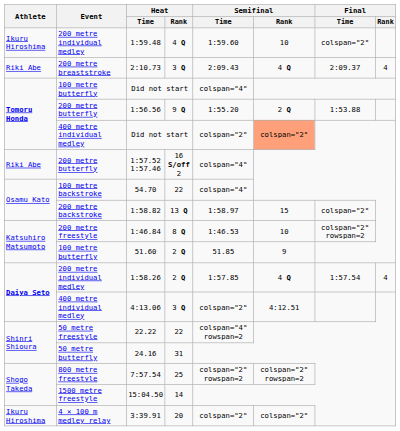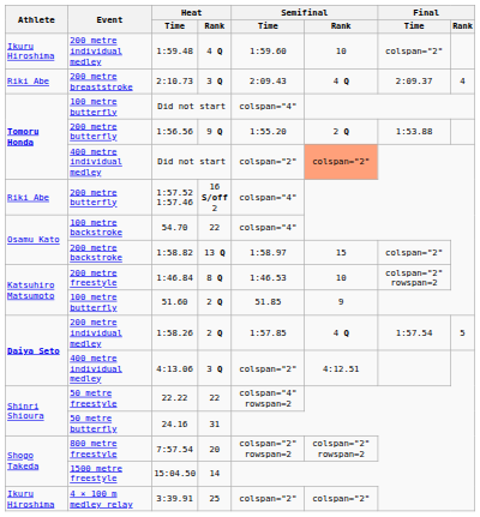 <table class="wikitable" style="text-align:center; font-size:90%; width:50%;">
 <tr>
 <th rowspan="2">Athlete</th>
 <th rowspan="2">Event</th>
 <th colspan="2">Heat</th>
 <th colspan="2">Semifinal</th>
 <th colspan="2">Final</th>
 </tr>
 <tr style="font-size:95%">
 <th>Time</th>
 <th>Rank</th>
 <th>Time</th>
 <th>Rank</th>
 <th>Time</th>
 <th>Rank</th>
 </tr>
 <tr align=center>
 <td align=left><a href='#'>Ikuru Hiroshima</a></td>
 <td align=left><a href='#'>200 metre individual medley</a></td>
 <td>1:59.48</td>
 <td>4 <strong>Q</strong></td>
 <td>1:59.60</td>
 <td>10</td>
 <td>colspan="2" </td>
 </tr>
 <tr align=center>
 <td align=left><a href='#'>Riki Abe</a></td>
 <td align=left><a href='#'>200 metre breaststroke</a></td>
 <td>2:10.73</td>
 <td>3 <strong>Q</strong></td>
 <td>2:09.43</td>
 <td>4 <strong>Q</strong></td>
 <td>2:09.37</td>
 <td>4</td>
 </tr>
 <tr align=center>
 <td align=left rowspan="3"><strong><a href='#'>Tomoru Honda</a></strong></td>
 <td align=left><a href='#'>100 metre butterfly</a></td>
 <td colspan="2">Did not start</td>
 <td>colspan="4" </td>
 </tr>
 <tr align=center>
 <td align=left><a href='#'>200 metre butterfly</a></td>
 <td>1:56.56</td>
 <td>9 <strong>Q</strong></td>
 <td>1:55.20</td>
 <td>2 <strong>Q</strong></td>
 <td>1:53.88</td>
 <td></td>
 </tr>
 <tr align=center>
 <td align=left><a href='#'>400 metre individual medley</a></td>
 <td colspan="2">Did not start</td>
 <td>colspan="2" </td>
 <td style="background: lightsalmon;">colspan="2" </td>
 </tr>
 <tr align=center>
 <td align=left><a href='#'>Riki Abe</a></td>
 <td align=left><a href='#'>200 metre butterfly</a></td>
 <td>1:57.52<br>1:57.46</td>
 <td>16 <strong>S/off</strong><br>2</td>
 <td>colspan="4" </td>
 </tr>
 <tr align=center>
 <td align=left rowspan="2"><a href='#'>Osamu Kato</a></td>
 <td align=left><a href='#'>100 metre backstroke</a></td>
 <td>54.70</td>
 <td>22</td>
 <td>colspan="4" </td>
 </tr>
 <tr align=center>
 <td align=left><a href='#'>200 metre backstroke</a></td>
 <td>1:58.82</td>
 <td>13 <strong>Q</strong></td>
 <td>1:58.97</td>
 <td>15</td>
 <td>colspan="2"  </td>
 </tr>
 <tr align=center>
 <td align=left rowspan=2><a href='#'>Katsuhiro Matsumoto</a></td>
 <td align=left><a href='#'>200 metre freestyle</a></td>
 <td>1:46.84</td>
 <td>8 <strong>Q</strong></td>
 <td>1:46.53</td>
 <td>10</td>
 <td>colspan="2"  rowspan=2 </td>
 </tr>
 <tr align=center>
 <td align=left><a href='#'>100 metre butterfly</a></td>
 <td>51.60</td>
 <td>2 <strong>Q</strong></td>
 <td>51.85</td>
 <td>9</td>
 </tr>
 <tr align=center>
 <td align=left rowspan=2><strong><a href='#'>Daiya Seto</a></strong></td>
 <td align=left><a href='#'>200 metre individual medley</a></td>
 <td>1:58.26</td>
 <td>2 <strong>Q</strong></td>
 <td>1:57.85</td>
 <td>4 <strong>Q</strong></td>
 <td>1:57.54</td>
-<td>4</td>
+<td>5</td>
 </tr>
 <tr align=center>
 <td align=left><a href='#'>400 metre individual medley</a></td>
 <td>4:13.06</td>
 <td>3 <strong>Q</strong></td>
 <td>colspan="2"   </td>
 <td>4:12.51</td>
 <td></td>
 </tr>
 <tr align=center>
 <td align=left rowspan=2><a href='#'>Shinri Shioura</a></td>
 <td align=left><a href='#'>50 metre freestyle</a></td>
 <td>22.22</td>
 <td>22</td>
 <td>colspan="4" rowspan=2 </td>
 </tr>
 <tr align=center>
 <td align=left><a href='#'>50 metre butterfly</a></td>
 <td>24.16</td>
 <td>31</td>
 </tr>
 <tr align=center>
 <td align=left rowspan=2><a href='#'>Shogo Takeda</a></td>
 <td align=left><a href='#'>800 metre freestyle</a></td>
 <td>7:57.54</td>
-<td>25</td>
+<td>20</td>
 <td>colspan="2"  rowspan=2 </td>
 <td>colspan="2" rowspan=2 </td>
 </tr>
 <tr align=center>
 <td align=left><a href='#'>1500 metre freestyle</a></td>
 <td>15:04.50</td>
 <td>14</td>
 </tr>
 <tr>
 <td align=left><a href='#'>Ikuru Hiroshima</a></td>
 <td align=left><a href='#'>4 × 100 m medley relay</a></td>
 <td>3:39.91</td>
-<td>20</td>
+<td>25</td>
 <td>colspan="2"   </td>
 <td>colspan="2" </td>
 </tr>
 </table>
